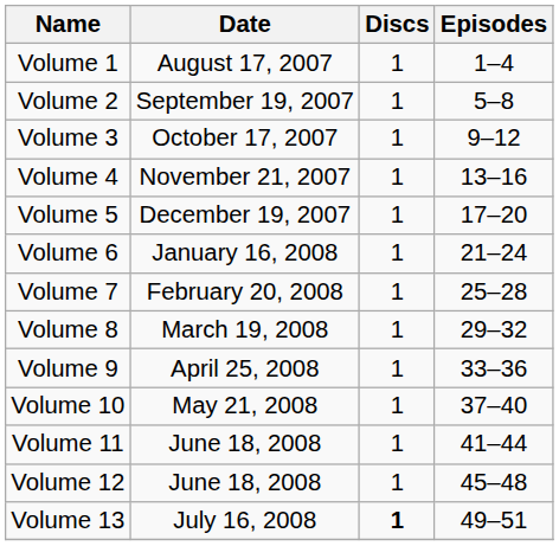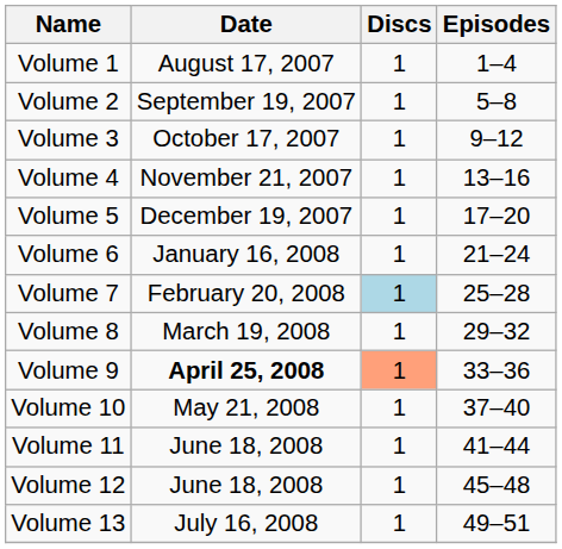 <table class="wikitable" style="text-align:center;">
 <tr>
 <th>Name</th>
 <th>Date</th>
 <th>Discs</th>
 <th>Episodes</th>
 </tr>
 <tr>
 <td>Volume 1</td>
 <td>August 17, 2007</td>
 <td>1</td>
 <td>1–4</td>
 </tr>
 <tr>
 <td>Volume 2</td>
 <td>September 19, 2007</td>
 <td>1</td>
 <td>5–8</td>
 </tr>
 <tr>
 <td>Volume 3</td>
 <td>October 17, 2007</td>
 <td>1</td>
 <td>9–12</td>
 </tr>
 <tr>
 <td>Volume 4</td>
 <td>November 21, 2007</td>
 <td>1</td>
 <td>13–16</td>
 </tr>
 <tr>
 <td>Volume 5</td>
 <td>December 19, 2007</td>
 <td>1</td>
 <td>17–20</td>
 </tr>
 <tr>
 <td>Volume 6</td>
 <td>January 16, 2008</td>
 <td>1</td>
 <td>21–24</td>
 </tr>
 <tr>
 <td>Volume 7</td>
 <td>February 20, 2008</td>
-<td>1</td>
+<td style="background: lightblue;">1</td>
 <td>25–28</td>
 </tr>
 <tr>
 <td>Volume 8</td>
 <td>March 19, 2008</td>
 <td>1</td>
 <td>29–32</td>
 </tr>
 <tr>
 <td>Volume 9</td>
-<td>April 25, 2008</td>
-<td>1</td>
+<td><strong>April 25, 2008</strong></td>
+<td style="background: lightsalmon;">1</td>
 <td>33–36</td>
 </tr>
 <tr>
 <td>Volume 10</td>
 <td>May 21, 2008</td>
 <td>1</td>
 <td>37–40</td>
 </tr>
 <tr>
 <td>Volume 11</td>
 <td>June 18, 2008</td>
 <td>1</td>
 <td>41–44</td>
 </tr>
 <tr>
 <td>Volume 12</td>
 <td>June 18, 2008</td>
 <td>1</td>
 <td>45–48</td>
 </tr>
 <tr>
 <td>Volume 13</td>
 <td>July 16, 2008</td>
-<td><strong>1</strong></td>
+<td>1</td>
 <td>49–51</td>
 </tr>
 <tr>
 </tr>
 </table>
